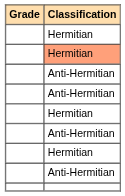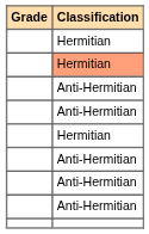 <table border="1" cellpadding="5" cellspacing="0" align="center">
 <tr>
 <th style="background:#ffdead;">Grade</th>
 <th style="background:#ffdead;">Classification</th>
 </tr>
 <tr>
 <td></td>
 <td>Hermitian</td>
 </tr>
 <tr>
 <td></td>
 <td style="background: lightsalmon;">Hermitian</td>
 </tr>
 <tr>
 <td></td>
 <td>Anti-Hermitian</td>
 </tr>
 <tr>
 <td></td>
 <td>Anti-Hermitian</td>
 </tr>
 <tr>
 <td></td>
 <td>Hermitian</td>
 </tr>
 <tr>
 <td></td>
 <td>Anti-Hermitian</td>
 </tr>
 <tr>
 <td></td>
-<td>Hermitian</td>
+<td>Anti-Hermitian</td>
 </tr>
 <tr>
 <td></td>
 <td>Anti-Hermitian</td>
 </tr>
 <tr>
 <td></td>
 <td></td>
 </tr>
 </table>
